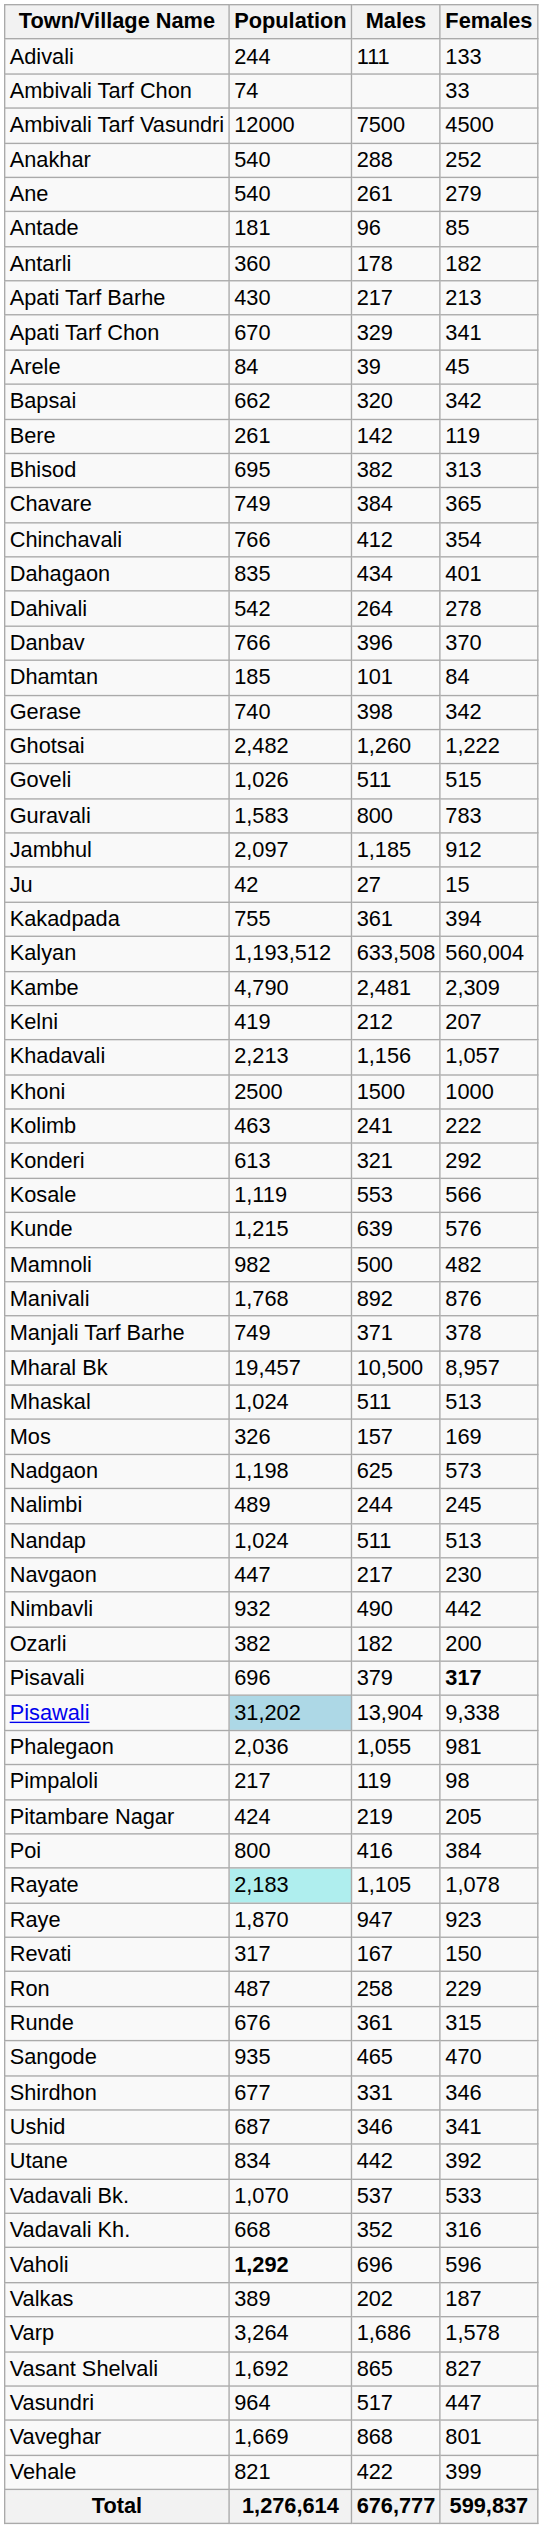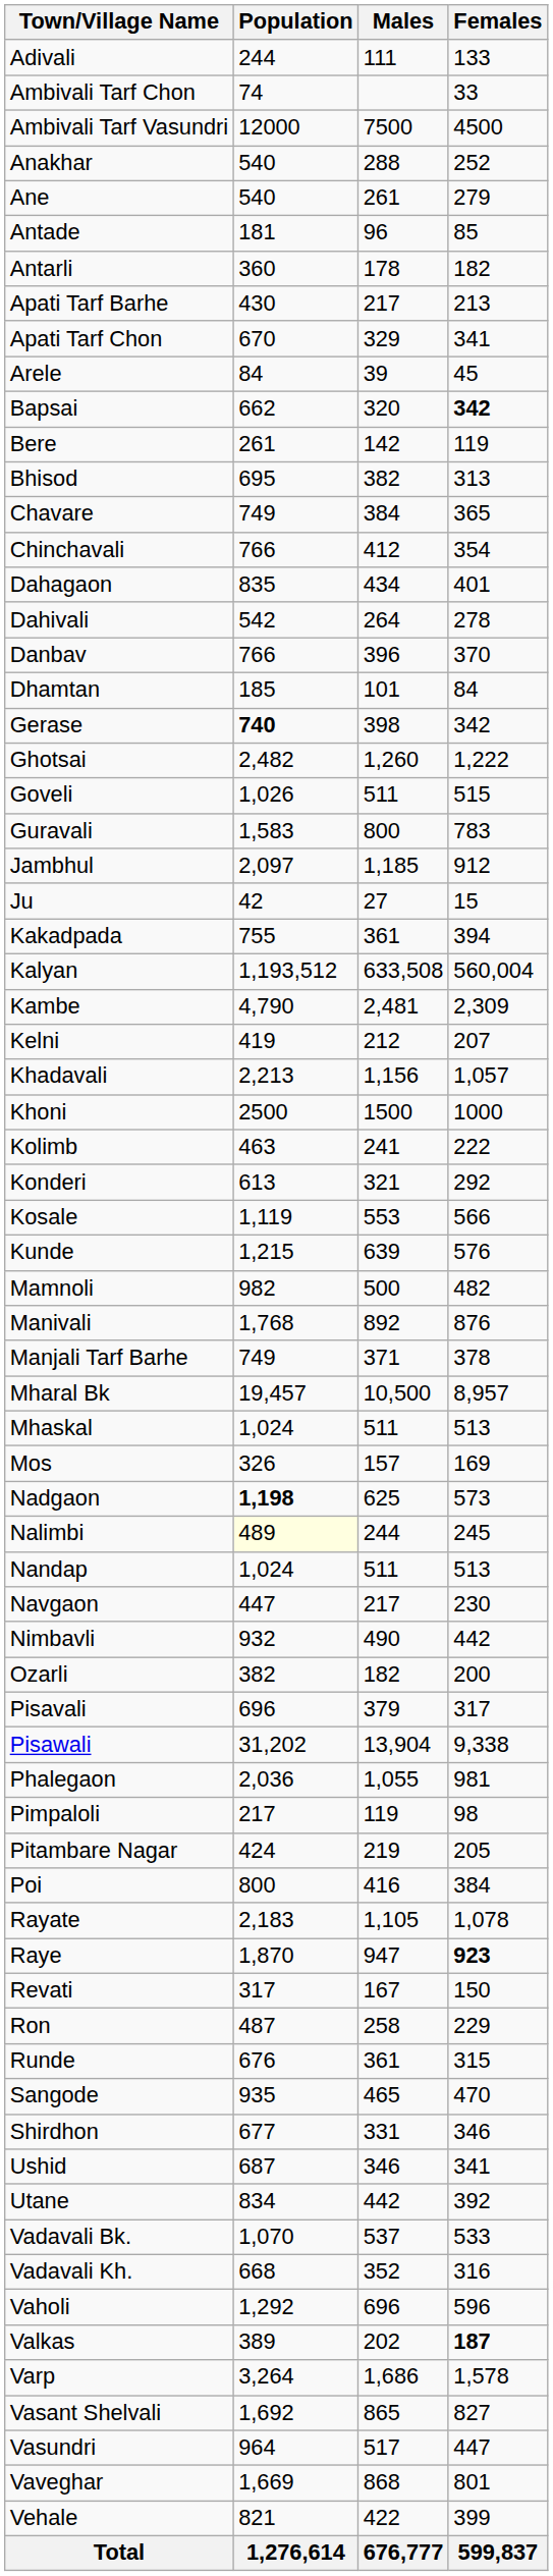 <table class="wikitable sortable collapsible collapsed">
 <tr>
 <th>Town/Village Name</th>
 <th>Population</th>
 <th>Males</th>
 <th>Females</th>
 </tr>
 <tr>
 <td>Adivali</td>
 <td>244</td>
 <td>111</td>
 <td>133</td>
 </tr>
 <tr>
 <td>Ambivali Tarf Chon</td>
 <td>74</td>
 <td></td>
 <td>33</td>
 </tr>
 <tr>
 <td>Ambivali Tarf Vasundri</td>
 <td>12000</td>
 <td>7500</td>
 <td>4500</td>
 </tr>
 <tr>
 <td>Anakhar</td>
 <td>540</td>
 <td>288</td>
 <td>252</td>
 </tr>
 <tr>
 <td>Ane</td>
 <td>540</td>
 <td>261</td>
 <td>279</td>
 </tr>
 <tr>
 <td>Antade</td>
 <td>181</td>
 <td>96</td>
 <td>85</td>
 </tr>
 <tr>
 <td>Antarli</td>
 <td>360</td>
 <td>178</td>
 <td>182</td>
 </tr>
 <tr>
 <td>Apati Tarf Barhe</td>
 <td>430</td>
 <td>217</td>
 <td>213</td>
 </tr>
 <tr>
 <td>Apati Tarf Chon</td>
 <td>670</td>
 <td>329</td>
 <td>341</td>
 </tr>
 <tr>
 <td>Arele</td>
 <td>84</td>
 <td>39</td>
 <td>45</td>
 </tr>
 <tr>
 <td>Bapsai</td>
 <td>662</td>
 <td>320</td>
-<td>342</td>
+<td><strong>342</strong></td>
 </tr>
 <tr>
 <td>Bere</td>
 <td>261</td>
 <td>142</td>
 <td>119</td>
 </tr>
 <tr>
 <td>Bhisod</td>
 <td>695</td>
 <td>382</td>
 <td>313</td>
 </tr>
 <tr>
 <td>Chavare</td>
 <td>749</td>
 <td>384</td>
 <td>365</td>
 </tr>
 <tr>
 <td>Chinchavali</td>
 <td>766</td>
 <td>412</td>
 <td>354</td>
 </tr>
 <tr>
 <td>Dahagaon</td>
 <td>835</td>
 <td>434</td>
 <td>401</td>
 </tr>
 <tr>
 <td>Dahivali</td>
 <td>542</td>
 <td>264</td>
 <td>278</td>
 </tr>
 <tr>
 <td>Danbav</td>
 <td>766</td>
 <td>396</td>
 <td>370</td>
 </tr>
 <tr>
 <td>Dhamtan</td>
 <td>185</td>
 <td>101</td>
 <td>84</td>
 </tr>
 <tr>
 <td>Gerase</td>
-<td>740</td>
+<td><strong>740</strong></td>
 <td>398</td>
 <td>342</td>
 </tr>
 <tr>
 <td>Ghotsai</td>
 <td>2,482</td>
 <td>1,260</td>
 <td>1,222</td>
 </tr>
 <tr>
 <td>Goveli</td>
 <td>1,026</td>
 <td>511</td>
 <td>515</td>
 </tr>
 <tr>
 <td>Guravali</td>
 <td>1,583</td>
 <td>800</td>
 <td>783</td>
 </tr>
 <tr>
 <td>Jambhul</td>
 <td>2,097</td>
 <td>1,185</td>
 <td>912</td>
 </tr>
 <tr>
 <td>Ju</td>
 <td>42</td>
 <td>27</td>
 <td>15</td>
 </tr>
 <tr>
 <td>Kakadpada</td>
 <td>755</td>
 <td>361</td>
 <td>394</td>
 </tr>
 <tr>
 <td>Kalyan</td>
 <td>1,193,512</td>
 <td>633,508</td>
 <td>560,004</td>
 </tr>
 <tr>
 <td>Kambe</td>
 <td>4,790</td>
 <td>2,481</td>
 <td>2,309</td>
 </tr>
 <tr>
 <td>Kelni</td>
 <td>419</td>
 <td>212</td>
 <td>207</td>
 </tr>
 <tr>
 <td>Khadavali</td>
 <td>2,213</td>
 <td>1,156</td>
 <td>1,057</td>
 </tr>
 <tr>
 <td>Khoni</td>
 <td>2500</td>
 <td>1500</td>
 <td>1000</td>
 </tr>
 <tr>
 <td>Kolimb</td>
 <td>463</td>
 <td>241</td>
 <td>222</td>
 </tr>
 <tr>
 <td>Konderi</td>
 <td>613</td>
 <td>321</td>
 <td>292</td>
 </tr>
 <tr>
 <td>Kosale</td>
 <td>1,119</td>
 <td>553</td>
 <td>566</td>
 </tr>
 <tr>
 <td>Kunde</td>
 <td>1,215</td>
 <td>639</td>
 <td>576</td>
 </tr>
 <tr>
 <td>Mamnoli</td>
 <td>982</td>
 <td>500</td>
 <td>482</td>
 </tr>
 <tr>
 <td>Manivali</td>
 <td>1,768</td>
 <td>892</td>
 <td>876</td>
 </tr>
 <tr>
 <td>Manjali Tarf Barhe</td>
 <td>749</td>
 <td>371</td>
 <td>378</td>
 </tr>
 <tr>
 <td>Mharal Bk</td>
 <td>19,457</td>
 <td>10,500</td>
 <td>8,957</td>
 </tr>
 <tr>
 <td>Mhaskal</td>
 <td>1,024</td>
 <td>511</td>
 <td>513</td>
 </tr>
 <tr>
 <td>Mos</td>
 <td>326</td>
 <td>157</td>
 <td>169</td>
 </tr>
 <tr>
 <td>Nadgaon</td>
-<td>1,198</td>
+<td><strong>1,198</strong></td>
 <td>625</td>
 <td>573</td>
 </tr>
 <tr>
 <td>Nalimbi</td>
-<td>489</td>
+<td style="background: lightyellow;">489</td>
 <td>244</td>
 <td>245</td>
 </tr>
 <tr>
 <td>Nandap</td>
 <td>1,024</td>
 <td>511</td>
 <td>513</td>
 </tr>
 <tr>
 <td>Navgaon</td>
 <td>447</td>
 <td>217</td>
 <td>230</td>
 </tr>
 <tr>
 <td>Nimbavli</td>
 <td>932</td>
 <td>490</td>
 <td>442</td>
 </tr>
 <tr>
 <td>Ozarli</td>
 <td>382</td>
 <td>182</td>
 <td>200</td>
 </tr>
 <tr>
 <td>Pisavali</td>
 <td>696</td>
 <td>379</td>
-<td><strong>317</strong></td>
+<td>317</td>
 </tr>
 <tr>
 <td><a href='#'>Pisawali</a></td>
-<td style="background: lightblue;">31,202</td>
+<td>31,202</td>
 <td>13,904</td>
 <td>9,338</td>
 </tr>
 <tr>
 <td>Phalegaon</td>
 <td>2,036</td>
 <td>1,055</td>
 <td>981</td>
 </tr>
 <tr>
 <td>Pimpaloli</td>
 <td>217</td>
 <td>119</td>
 <td>98</td>
 </tr>
 <tr>
 <td>Pitambare Nagar</td>
 <td>424</td>
 <td>219</td>
 <td>205</td>
 </tr>
 <tr>
 <td>Poi</td>
 <td>800</td>
 <td>416</td>
 <td>384</td>
 </tr>
 <tr>
 <td>Rayate</td>
-<td style="background: paleturquoise;">2,183</td>
+<td>2,183</td>
 <td>1,105</td>
 <td>1,078</td>
 </tr>
 <tr>
 <td>Raye</td>
 <td>1,870</td>
 <td>947</td>
-<td>923</td>
+<td><strong>923</strong></td>
 </tr>
 <tr>
 <td>Revati</td>
 <td>317</td>
 <td>167</td>
 <td>150</td>
 </tr>
 <tr>
 <td>Ron</td>
 <td>487</td>
 <td>258</td>
 <td>229</td>
 </tr>
 <tr>
 <td>Runde</td>
 <td>676</td>
 <td>361</td>
 <td>315</td>
 </tr>
 <tr>
 <td>Sangode</td>
 <td>935</td>
 <td>465</td>
 <td>470</td>
 </tr>
 <tr>
 <td>Shirdhon</td>
 <td>677</td>
 <td>331</td>
 <td>346</td>
 </tr>
 <tr>
 <td>Ushid</td>
 <td>687</td>
 <td>346</td>
 <td>341</td>
 </tr>
 <tr>
 <td>Utane</td>
 <td>834</td>
 <td>442</td>
 <td>392</td>
 </tr>
 <tr>
 <td>Vadavali Bk.</td>
 <td>1,070</td>
 <td>537</td>
 <td>533</td>
 </tr>
 <tr>
 <td>Vadavali Kh.</td>
 <td>668</td>
 <td>352</td>
 <td>316</td>
 </tr>
 <tr>
 <td>Vaholi</td>
-<td><strong>1,292</strong></td>
+<td>1,292</td>
 <td>696</td>
 <td>596</td>
 </tr>
 <tr>
 <td>Valkas</td>
 <td>389</td>
 <td>202</td>
-<td>187</td>
+<td><strong>187</strong></td>
 </tr>
 <tr>
 <td>Varp</td>
 <td>3,264</td>
 <td>1,686</td>
 <td>1,578</td>
 </tr>
 <tr>
 <td>Vasant Shelvali</td>
 <td>1,692</td>
 <td>865</td>
 <td>827</td>
 </tr>
 <tr>
 <td>Vasundri</td>
 <td>964</td>
 <td>517</td>
 <td>447</td>
 </tr>
 <tr>
 <td>Vaveghar</td>
 <td>1,669</td>
 <td>868</td>
 <td>801</td>
 </tr>
 <tr>
 <td>Vehale</td>
 <td>821</td>
 <td>422</td>
 <td>399</td>
 </tr>
 <tr>
 <th>Total</th>
 <th>1,276,614</th>
 <th>676,777</th>
 <th>599,837</th>
 </tr>
 </table>
